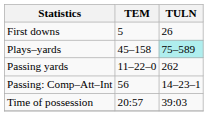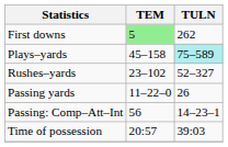 <table class="wikitable" style="float: left;">
 <tr>
 <th>Statistics</th>
 <th>TEM</th>
 <th>TULN</th>
 </tr>
 <tr>
 <td>First downs</td>
-<td>5</td>
-<td>26</td>
+<td style="background: lightgreen;">5</td>
+<td>262</td>
 </tr>
 <tr>
 <td>Plays–yards</td>
 <td>45–158</td>
 <td style="background: paleturquoise;">75–589</td>
 </tr>
 <tr>
+<td>Rushes–yards</td>
+<td>23–102</td>
+<td>52–327</td>
+</tr>
+<tr>
 <td>Passing yards</td>
 <td>11–22–0</td>
-<td>262</td>
+<td>26</td>
 </tr>
 <tr>
 <td>Passing: Comp–Att–Int</td>
 <td>56</td>
 <td>14–23–1</td>
 </tr>
 <tr>
 <td>Time of possession</td>
 <td>20:57</td>
 <td>39:03</td>
 </tr>
 <tr>
 </tr>
 </table>
